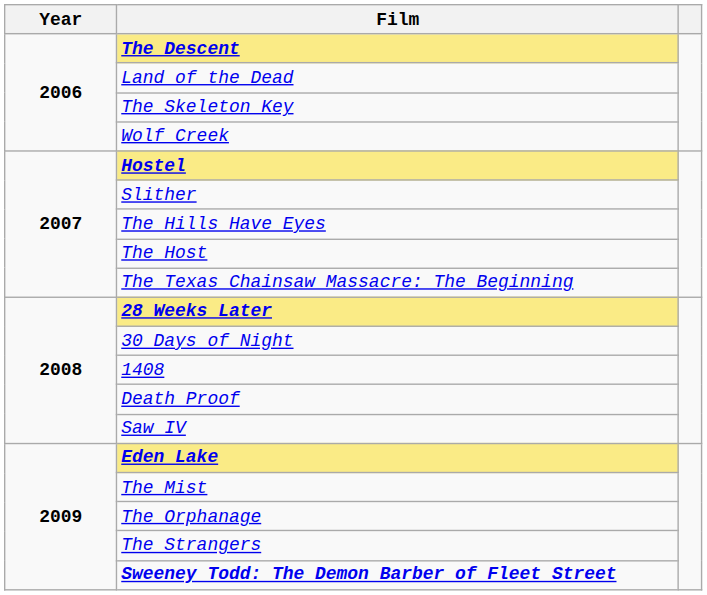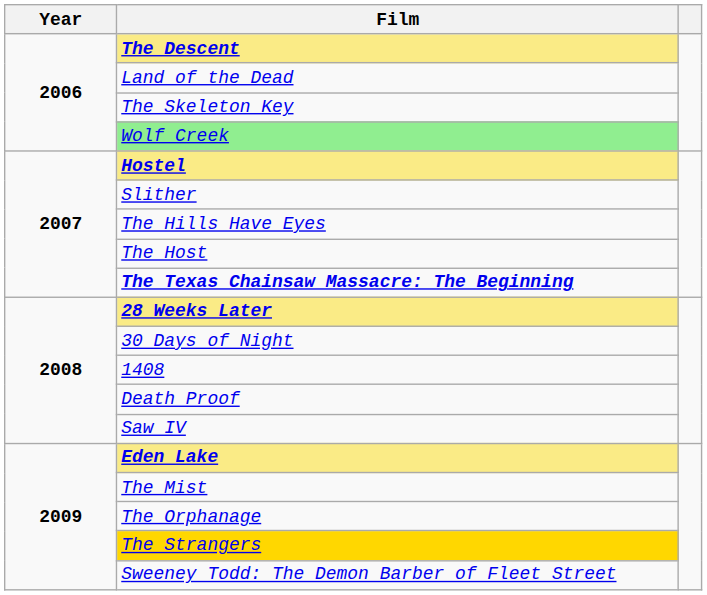 <table class="wikitable" width="40%">
 <tr>
 <th width="10%">Year</th>
 <th width="50%">Film</th>
 <th width="2%"></th>
 </tr>
 <tr>
 <td rowspan="4" style="text-align:center"><strong>2006<br> </strong></td>
 <td style="background:#FAEB86"><strong><em><a href='#'>The Descent</a></em></strong></td>
 <td rowspan="4" style="text-align:center"></td>
 </tr>
 <tr>
 <td><em><a href='#'>Land of the Dead</a></em></td>
 </tr>
 <tr>
 <td><em><a href='#'>The Skeleton Key</a></em></td>
 </tr>
 <tr>
-<td><em><a href='#'>Wolf Creek</a></em></td>
+<td style="background: lightgreen;"><em><a href='#'>Wolf Creek</a></em></td>
 </tr>
 <tr>
 <td rowspan="5" style="text-align:center"><strong>2007<br> </strong></td>
 <td style="background:#FAEB86"><strong><em><a href='#'>Hostel</a></em></strong></td>
 <td rowspan="5" style="text-align:center"></td>
 </tr>
 <tr>
 <td><em><a href='#'>Slither</a></em></td>
 </tr>
 <tr>
 <td><em><a href='#'>The Hills Have Eyes</a></em></td>
 </tr>
 <tr>
 <td><em><a href='#'>The Host</a></em></td>
 </tr>
 <tr>
-<td><em><a href='#'>The Texas Chainsaw Massacre: The Beginning</a></em></td>
+<td><strong><em><a href='#'>The Texas Chainsaw Massacre: The Beginning</a></em></strong></td>
 </tr>
 <tr>
 <td rowspan="5" style="text-align:center"><strong>2008<br> </strong></td>
 <td style="background:#FAEB86"><strong><em><a href='#'>28 Weeks Later</a></em></strong></td>
 <td rowspan="5" style="text-align:center"></td>
 </tr>
 <tr>
 <td><em><a href='#'>30 Days of Night</a></em></td>
 </tr>
 <tr>
 <td><em><a href='#'>1408</a></em></td>
 </tr>
 <tr>
 <td><em><a href='#'>Death Proof</a></em></td>
 </tr>
 <tr>
 <td><em><a href='#'>Saw IV</a></em></td>
 </tr>
 <tr>
 <td rowspan="5" style="text-align:center"><strong>2009<br> </strong></td>
 <td style="background:#FAEB86"><strong><em><a href='#'>Eden Lake</a></em></strong></td>
 <td rowspan="5" style="text-align:center"></td>
 </tr>
 <tr>
 <td><em><a href='#'>The Mist</a></em></td>
 </tr>
 <tr>
 <td><em><a href='#'>The Orphanage</a></em></td>
 </tr>
 <tr>
-<td><em><a href='#'>The Strangers</a></em></td>
+<td style="background: gold;"><em><a href='#'>The Strangers</a></em></td>
 </tr>
 <tr>
-<td><strong><em><a href='#'>Sweeney Todd: The Demon Barber of Fleet Street</a></em></strong></td>
+<td><em><a href='#'>Sweeney Todd: The Demon Barber of Fleet Street</a></em></td>
 </tr>
 </table>
